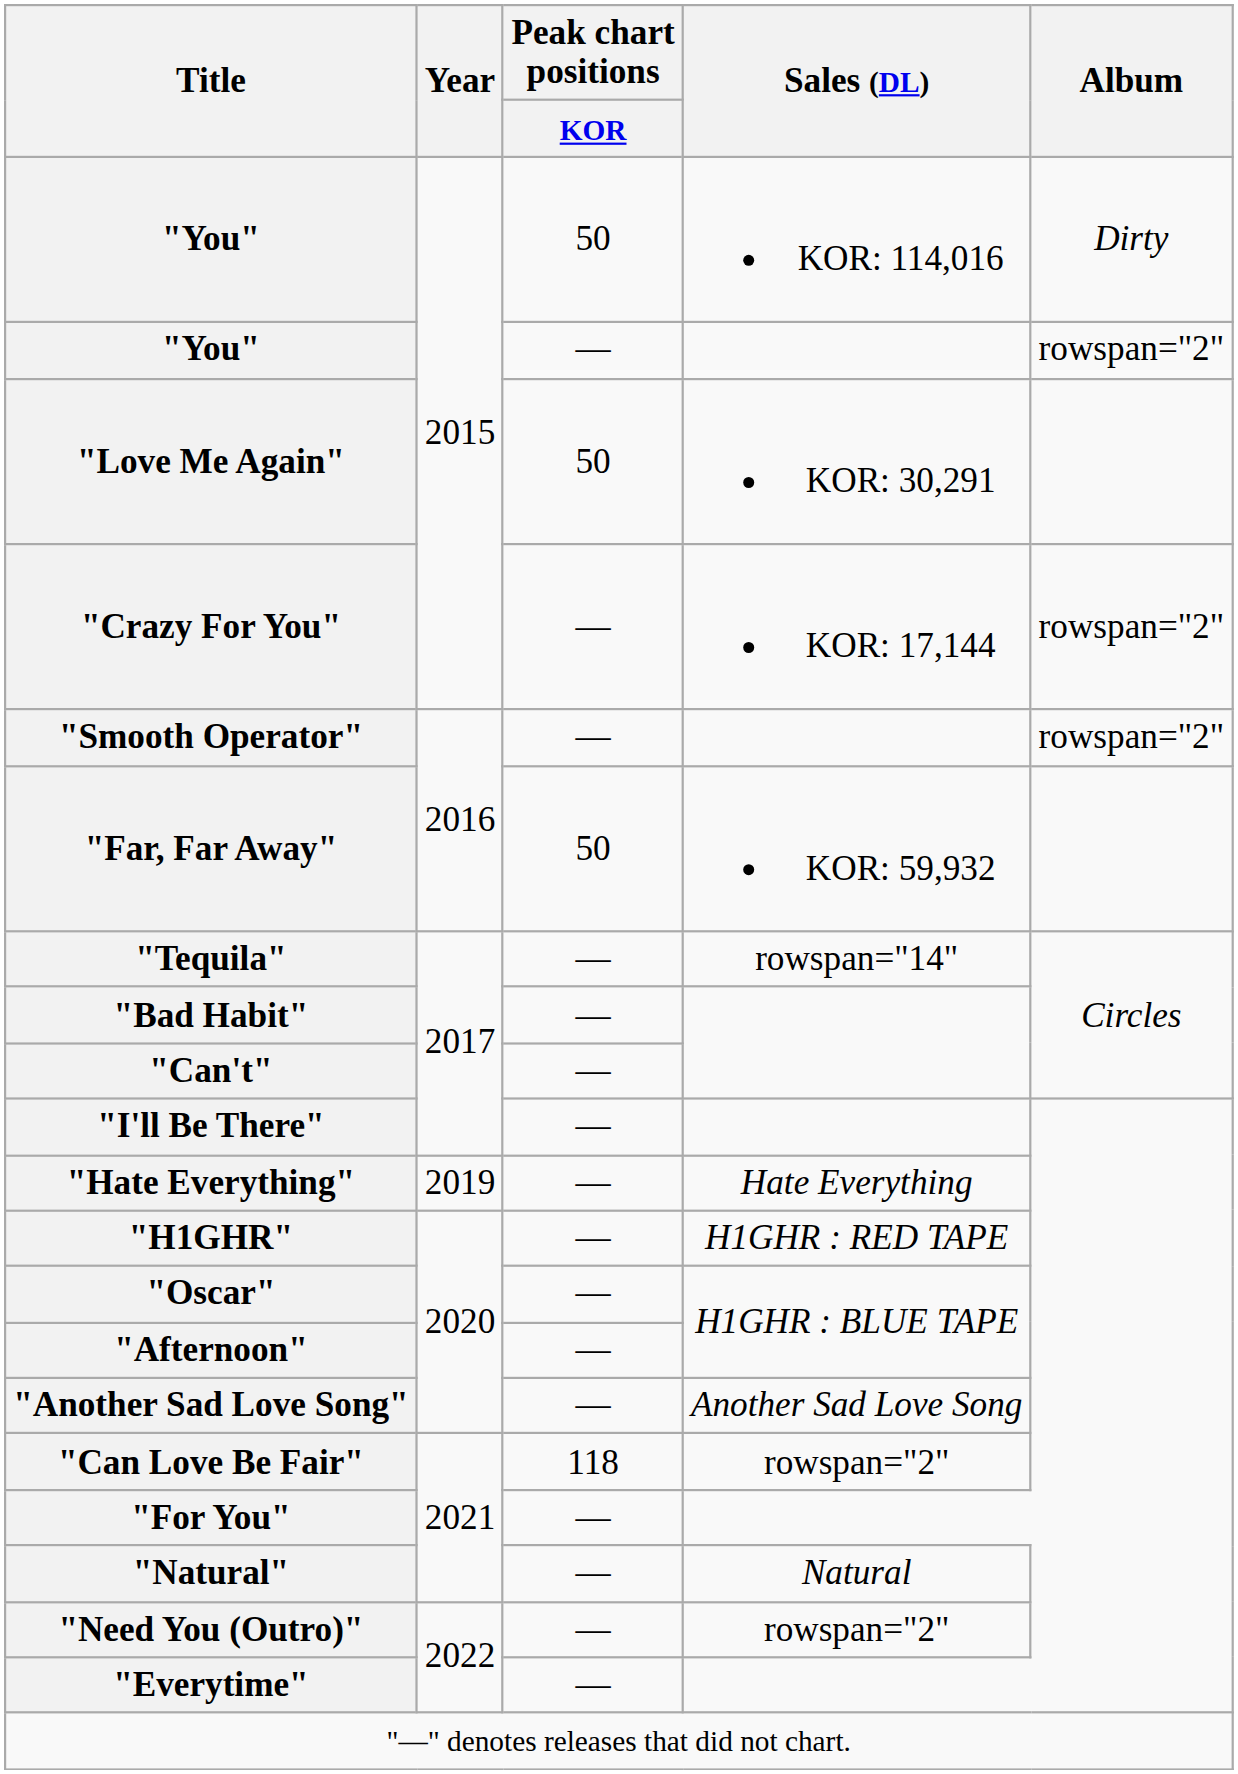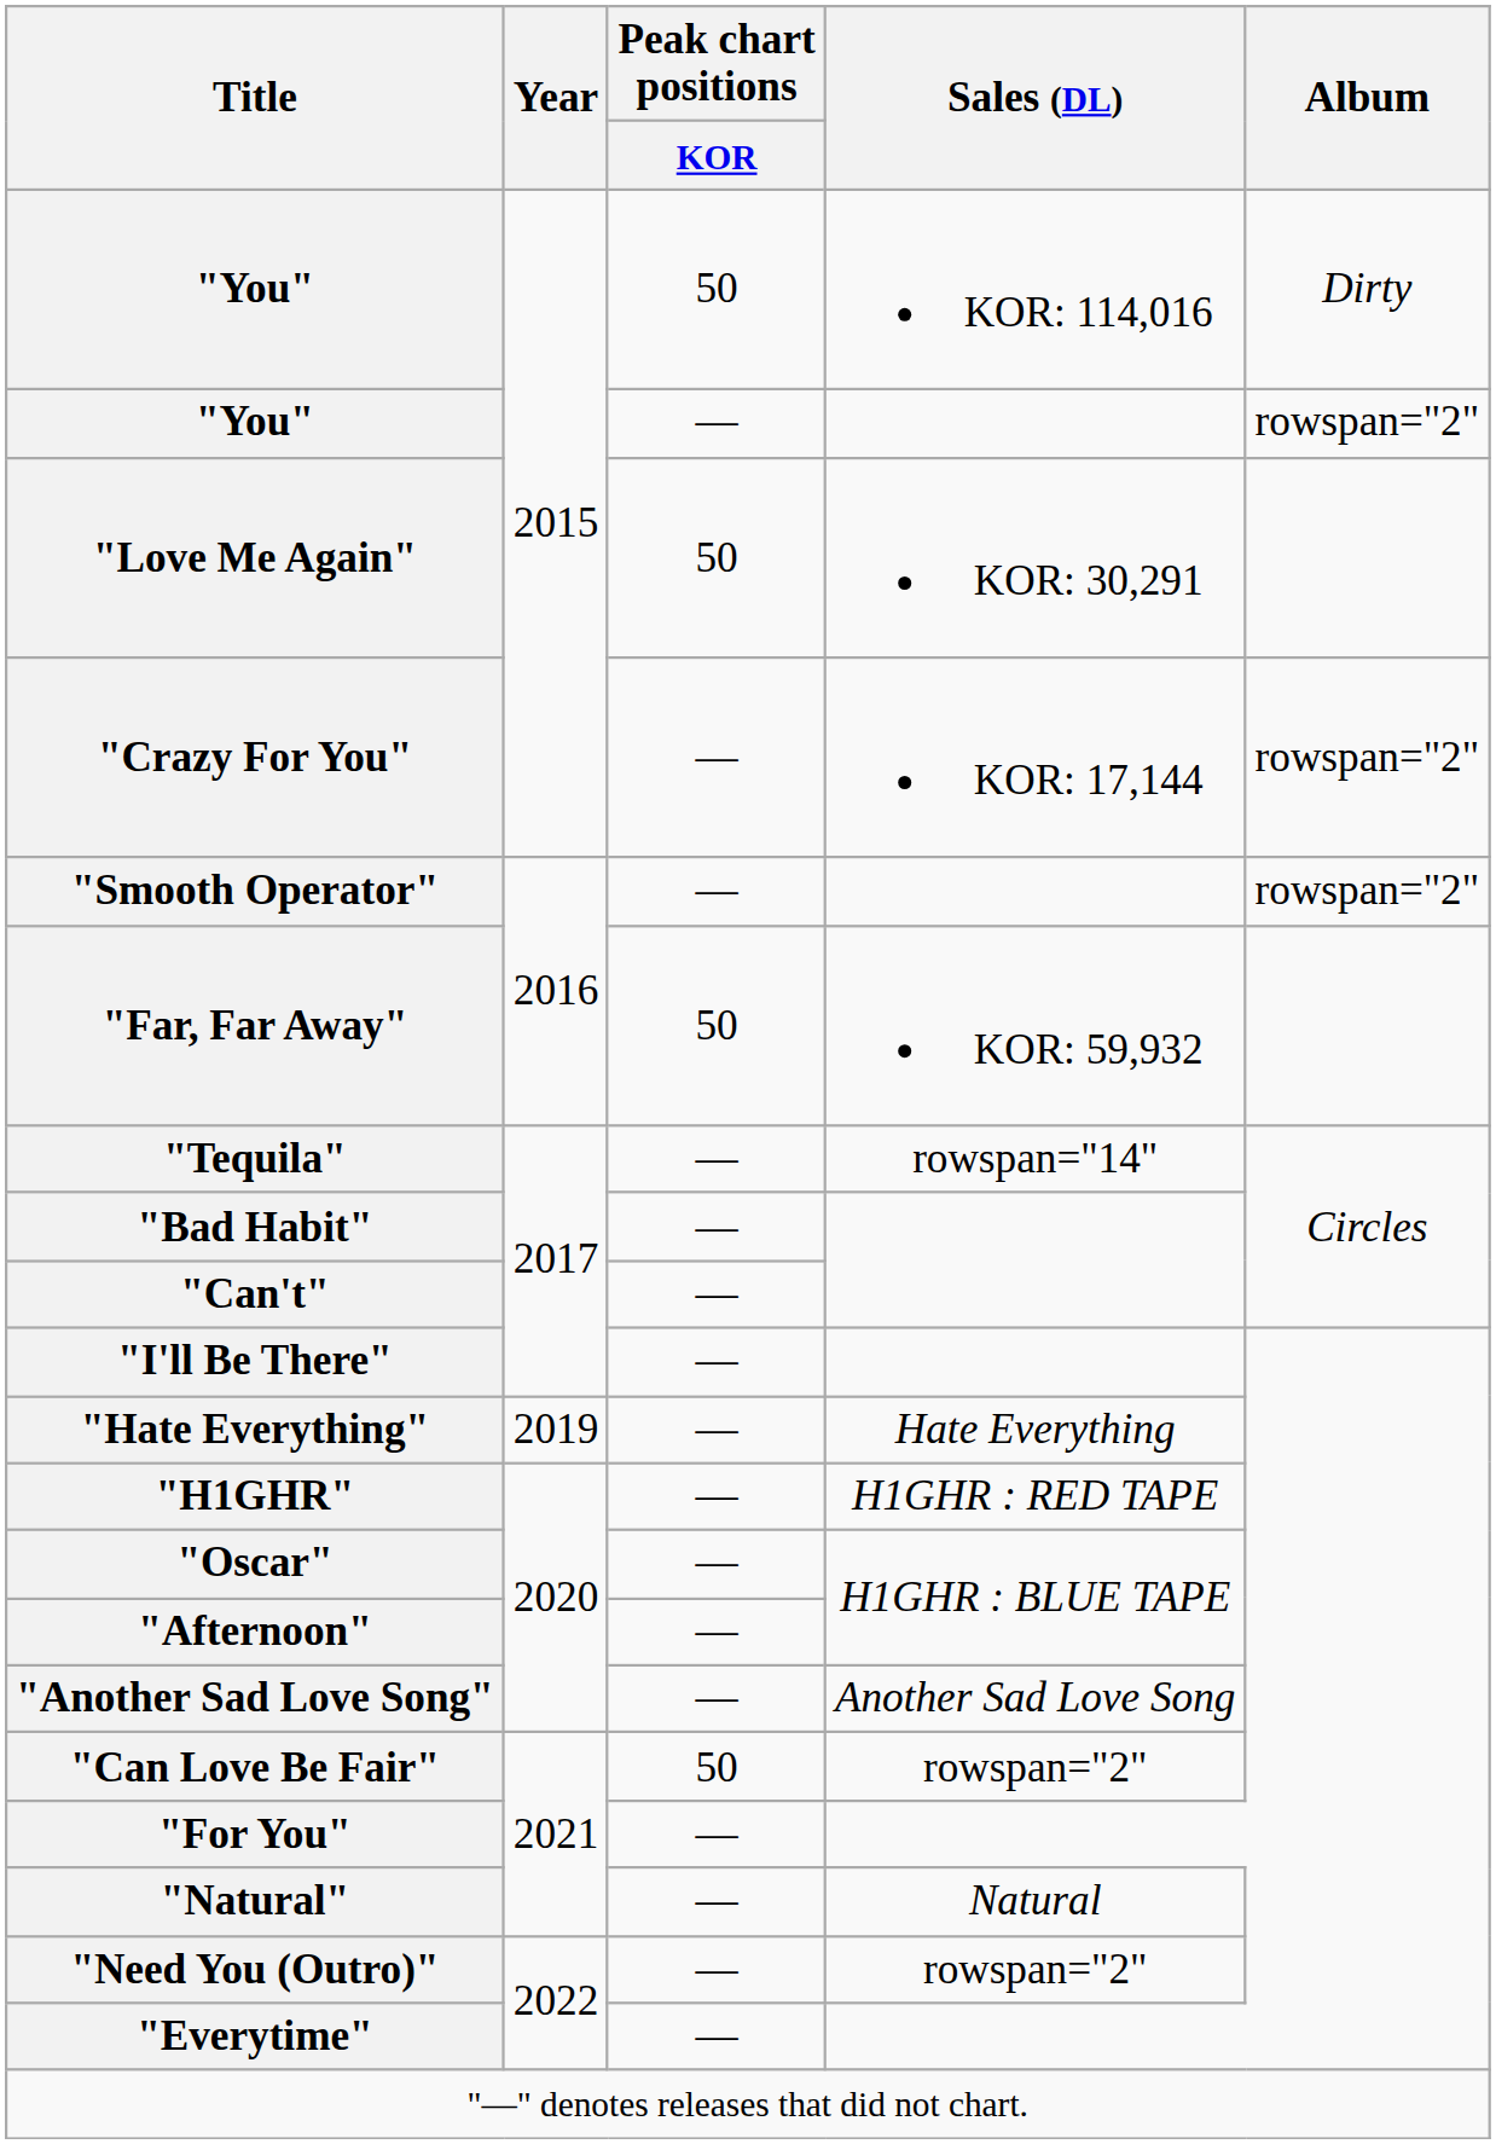 <table class="wikitable plainrowheaders" style="text-align:center;">
 <tr>
 <th scope="col" rowspan="2">Title</th>
 <th scope="col" rowspan="2">Year</th>
 <th scope="col" colspan="1">Peak chart <br> positions</th>
 <th scope="col" rowspan="2">Sales <small>(<a href='#'>DL</a>)</small></th>
 <th scope="col" rowspan="2">Album</th>
 </tr>
 <tr>
 <th><small><a href='#'>KOR</a></small><br></th>
 </tr>
 <tr>
 <th scope="row">"You"</th>
 <td rowspan="4">2015</td>
 <td>50</td>
 <td><br><ul><li>KOR: 114,016</li></ul></td>
 <td><em>Dirty</em></td>
 </tr>
 <tr>
 <th scope="row">"You" </th>
 <td>—</td>
 <td></td>
 <td>rowspan="2" </td>
 </tr>
 <tr>
 <th scope="row">"Love Me Again"</th>
 <td>50</td>
 <td><br><ul><li>KOR: 30,291</li></ul></td>
 </tr>
 <tr>
 <th scope="row">"Crazy For You" </th>
 <td>—</td>
 <td><br><ul><li>KOR: 17,144</li></ul></td>
 <td>rowspan="2" </td>
 </tr>
 <tr>
 <th scope="row">"Smooth Operator"<br></th>
 <td rowspan="2">2016</td>
 <td>—</td>
 <td></td>
 <td>rowspan="2" </td>
 </tr>
 <tr>
 <th scope="row">"Far, Far Away" </th>
 <td>50</td>
 <td><br><ul><li>KOR: 59,932</li></ul></td>
 </tr>
 <tr>
 <th scope="row">"Tequila"<br></th>
 <td rowspan="4">2017</td>
 <td>—</td>
 <td>rowspan="14" </td>
 <td rowspan="3"><em>Circles</em></td>
 </tr>
 <tr>
 <th scope="row">"Bad Habit" </th>
 <td>—</td>
 </tr>
 <tr>
 <th scope="row">"Can't" </th>
 <td>—</td>
 </tr>
 <tr>
 <th scope="row">"I'll Be There"</th>
 <td>—</td>
 <td></td>
 </tr>
 <tr>
 <th scope="row">"Hate Everything" </th>
 <td>2019</td>
 <td>—</td>
 <td><em>Hate Everything</em></td>
 </tr>
 <tr>
 <th scope="row">"H1GHR"<br></th>
 <td rowspan="4">2020</td>
 <td>—</td>
 <td><em>H1GHR : RED TAPE </em></td>
 </tr>
 <tr>
 <th scope="row">"Oscar"<br></th>
 <td>—</td>
 <td rowspan="2"><em>H1GHR : BLUE TAPE </em></td>
 </tr>
 <tr>
 <th scope="row">"Afternoon"<br></th>
 <td>—</td>
 </tr>
 <tr>
 <th scope="row">"Another Sad Love Song" </th>
 <td>—</td>
 <td><em>Another Sad Love Song</em></td>
 </tr>
 <tr>
 <th scope="row">"Can Love Be Fair" <br></th>
 <td rowspan="3">2021</td>
-<td>118</td>
+<td>50</td>
 <td>rowspan="2"  </td>
 </tr>
 <tr>
 <th scope="row">"For You" </th>
 <td>—</td>
 </tr>
 <tr>
 <th scope="row">"Natural"</th>
 <td>—</td>
 <td><em>Natural</em></td>
 </tr>
 <tr>
 <th scope="row">"Need You (Outro)"</th>
 <td rowspan="2">2022</td>
 <td>—</td>
 <td>rowspan="2"  </td>
 </tr>
 <tr>
 <th scope="row">"Everytime"</th>
 <td>—</td>
 </tr>
 <tr>
 <td colspan="5" align="center"><small>"—" denotes releases that did not chart.</small></td>
 </tr>
 </table>
